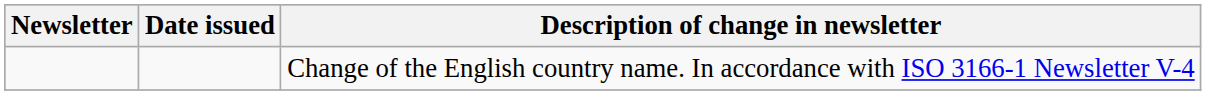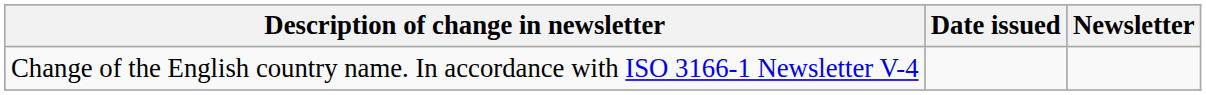 <table class="wikitable">
 <tr>
+<th>Description of change in newsletter</th>
+<th>Date issued</th>
 <th>Newsletter</th>
-<th>Date issued</th>
-<th>Description of change in newsletter</th>
 </tr>
 <tr>
+<td>Change of the English country name. In accordance with <a href='#'>ISO 3166-1 Newsletter V-4</a></td>
+<td></td>
 <td id="I-3"></td>
-<td></td>
-<td>Change of the English country name. In accordance with <a href='#'>ISO 3166-1 Newsletter V-4</a></td>
 </tr>
 </table>
